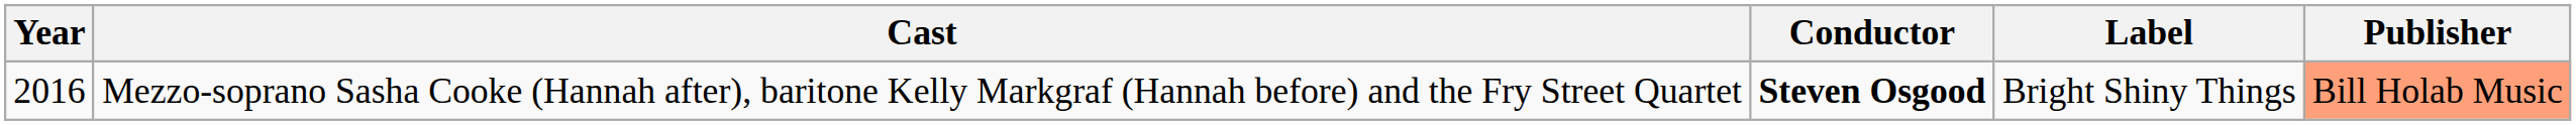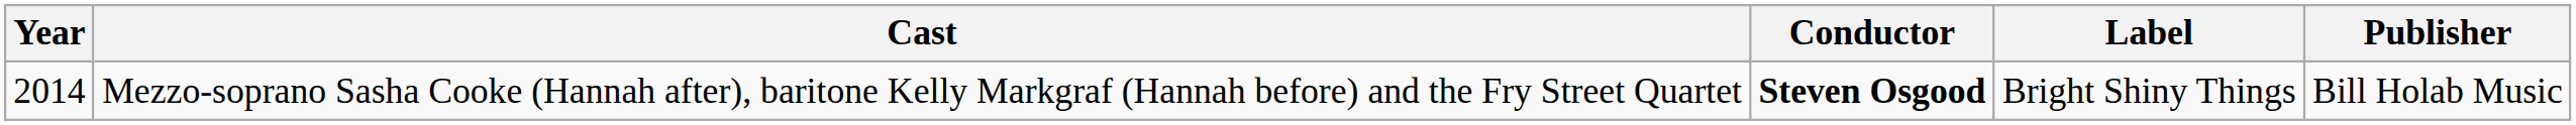 <table class="wikitable">
 <tr>
 <th>Year</th>
 <th>Cast</th>
 <th>Conductor</th>
 <th>Label</th>
 <th>Publisher</th>
 </tr>
 <tr>
-<td>2016</td>
+<td>2014</td>
 <td>Mezzo-soprano Sasha Cooke (Hannah after), baritone Kelly Markgraf (Hannah before) and the Fry Street Quartet</td>
 <td><strong>Steven Osgood</strong></td>
 <td>Bright Shiny Things</td>
-<td style="background: lightsalmon;">Bill Holab Music</td>
+<td>Bill Holab Music</td>
 </tr>
 </table>
